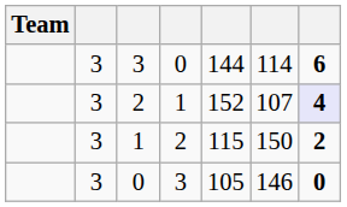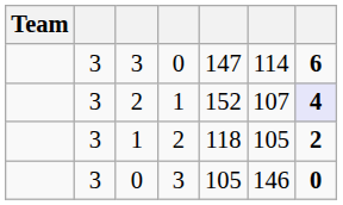 <table class="wikitable" style="text-align:center;">
 <tr>
 <th>Team</th>
 <th width=20></th>
 <th width=20></th>
 <th width=20></th>
 <th width=20></th>
 <th width=20></th>
 <th width=20></th>
 </tr>
 <tr>
 <td align=left></td>
 <td>3</td>
 <td>3</td>
 <td>0</td>
-<td>144</td>
+<td>147</td>
 <td>114</td>
 <td><strong>6</strong></td>
 </tr>
 <tr>
 <td align=left></td>
 <td>3</td>
 <td>2</td>
 <td>1</td>
 <td>152</td>
 <td>107</td>
 <td style="background: lavender;"><strong>4</strong></td>
 </tr>
 <tr>
 <td align=left></td>
 <td>3</td>
 <td>1</td>
 <td>2</td>
-<td>115</td>
-<td>150</td>
+<td>118</td>
+<td>105</td>
 <td><strong>2</strong></td>
 </tr>
 <tr>
 <td align=left></td>
 <td>3</td>
 <td>0</td>
 <td>3</td>
 <td>105</td>
 <td>146</td>
 <td><strong>0</strong></td>
 </tr>
 </table>
